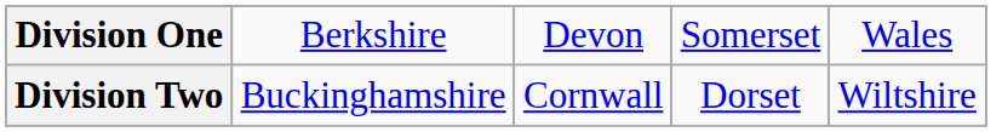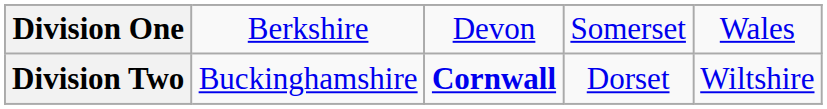 <table class="wikitable" style="text-align: center" style="font-size: 95%; border: 1px #aaaaaa solid; border-collapse: collapse; clear:center;">
 <tr>
 <th>Division One</th>
 <td><a href='#'>Berkshire</a></td>
 <td><a href='#'>Devon</a></td>
 <td><a href='#'>Somerset</a></td>
 <td><a href='#'>Wales</a></td>
 </tr>
 <tr>
 <th>Division Two</th>
 <td><a href='#'>Buckinghamshire</a></td>
-<td><a href='#'>Cornwall</a></td>
+<td><strong><a href='#'>Cornwall</a></strong></td>
 <td><a href='#'>Dorset</a></td>
 <td><a href='#'>Wiltshire</a></td>
 </tr>
 </table>
